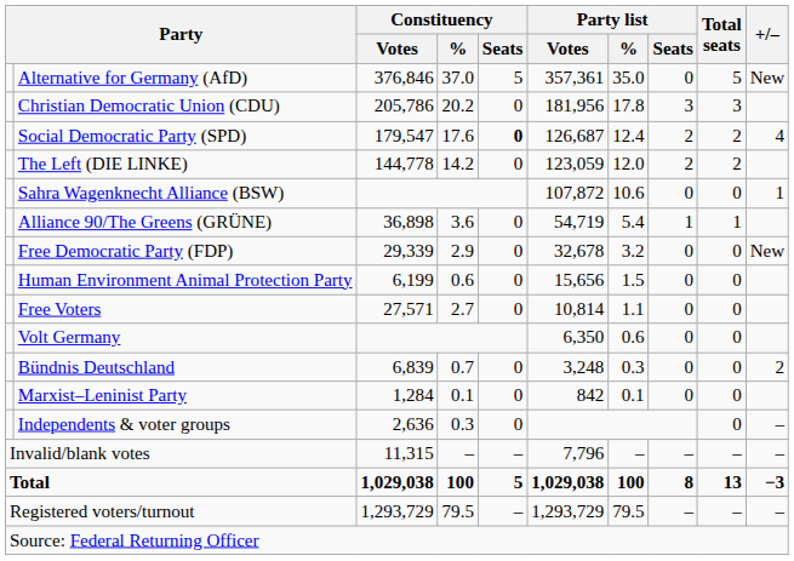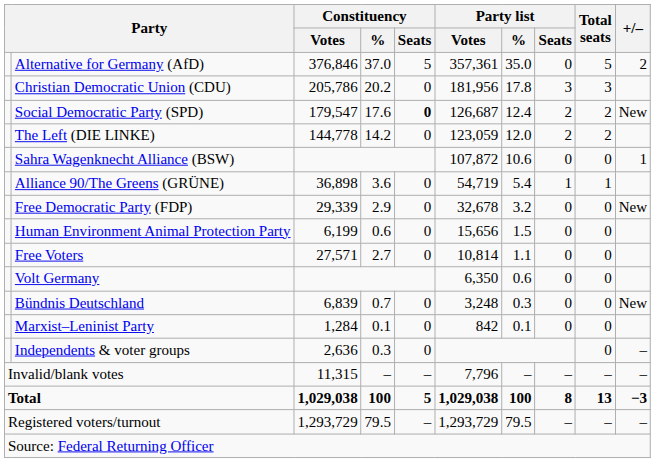 <table class="wikitable" style="text-align:right">
 <tr>
 <th colspan="2" rowspan="2">Party</th>
 <th colspan="3">Constituency</th>
 <th colspan="3">Party list</th>
 <th rowspan="2">Total<br>seats</th>
 <th rowspan="2">+/–</th>
 </tr>
 <tr>
 <th>Votes</th>
 <th>%</th>
 <th>Seats</th>
 <th>Votes</th>
 <th>%</th>
 <th>Seats</th>
 </tr>
 <tr>
 <td></td>
 <td align="left"><a href='#'>Alternative for Germany</a> (AfD)</td>
 <td>376,846</td>
 <td>37.0</td>
 <td>5</td>
 <td>357,361</td>
 <td>35.0</td>
 <td>0</td>
 <td>5</td>
-<td>New</td>
+<td> 2</td>
 </tr>
 <tr>
 <td></td>
 <td align="left"><a href='#'>Christian Democratic Union</a> (CDU)</td>
 <td>205,786</td>
 <td>20.2</td>
 <td>0</td>
 <td>181,956</td>
 <td>17.8</td>
 <td>3</td>
 <td>3</td>
 <td></td>
 </tr>
 <tr>
 <td></td>
 <td align="left"><a href='#'>Social Democratic Party</a> (SPD)</td>
 <td>179,547</td>
 <td>17.6</td>
 <td><strong>0</strong></td>
 <td>126,687</td>
 <td>12.4</td>
 <td>2</td>
 <td>2</td>
-<td> 4</td>
+<td>New</td>
 </tr>
 <tr>
 <td></td>
 <td align="left"><a href='#'>The Left</a> (DIE LINKE)</td>
 <td>144,778</td>
 <td>14.2</td>
 <td>0</td>
 <td>123,059</td>
 <td>12.0</td>
 <td>2</td>
 <td>2</td>
 <td></td>
 </tr>
 <tr>
 <td style="background-color:"></td>
 <td align="left"><a href='#'>Sahra Wagenknecht Alliance</a> (BSW)</td>
 <td colspan="3"></td>
 <td>107,872</td>
 <td>10.6</td>
 <td>0</td>
 <td>0</td>
 <td> 1</td>
 </tr>
 <tr>
 <td></td>
 <td align="left"><a href='#'>Alliance 90/The Greens</a> (GRÜNE)</td>
 <td>36,898</td>
 <td>3.6</td>
 <td>0</td>
 <td>54,719</td>
 <td>5.4</td>
 <td>1</td>
 <td>1</td>
 <td></td>
 </tr>
 <tr>
 <td></td>
 <td align="left"><a href='#'>Free Democratic Party</a> (FDP)</td>
 <td>29,339</td>
 <td>2.9</td>
 <td>0</td>
 <td>32,678</td>
 <td>3.2</td>
 <td>0</td>
 <td>0</td>
 <td>New</td>
 </tr>
 <tr>
 <td style="background-color:"></td>
 <td align="left"><a href='#'>Human Environment Animal Protection Party</a></td>
 <td>6,199</td>
 <td>0.6</td>
 <td>0</td>
 <td>15,656</td>
 <td>1.5</td>
 <td>0</td>
 <td>0</td>
 <td></td>
 </tr>
 <tr>
 <td style="background-color:"></td>
 <td align="left"><a href='#'>Free Voters</a></td>
 <td>27,571</td>
 <td>2.7</td>
 <td>0</td>
 <td>10,814</td>
 <td>1.1</td>
 <td>0</td>
 <td>0</td>
 <td></td>
 </tr>
 <tr>
 <td style="background-color:"></td>
 <td align="left"><a href='#'>Volt Germany</a></td>
 <td colspan="3"></td>
 <td>6,350</td>
 <td>0.6</td>
 <td>0</td>
 <td>0</td>
 <td></td>
 </tr>
 <tr>
 <td style="background-color:"></td>
 <td align="left"><a href='#'>Bündnis Deutschland</a></td>
 <td>6,839</td>
 <td>0.7</td>
 <td>0</td>
 <td>3,248</td>
 <td>0.3</td>
 <td>0</td>
 <td>0</td>
-<td> 2</td>
+<td>New</td>
 </tr>
 <tr>
 <td style="background-color:"></td>
 <td align="left"><a href='#'>Marxist–Leninist Party</a></td>
 <td>1,284</td>
 <td>0.1</td>
 <td>0</td>
 <td>842</td>
 <td>0.1</td>
 <td>0</td>
 <td>0</td>
 <td></td>
 </tr>
 <tr>
 <td style="background-color:"></td>
 <td align="left"><a href='#'>Independents</a> & voter groups</td>
 <td>2,636</td>
 <td>0.3</td>
 <td>0</td>
 <td colspan="3"></td>
 <td>0</td>
 <td>–</td>
 </tr>
 <tr>
 <td colspan="2" align="left">Invalid/blank votes</td>
 <td>11,315</td>
 <td>–</td>
 <td>–</td>
 <td>7,796</td>
 <td>–</td>
 <td>–</td>
 <td>–</td>
 <td>–</td>
 </tr>
 <tr>
 <td colspan="2" align="left"><strong>Total</strong></td>
 <td><strong>1,029,038</strong></td>
 <td><strong>100</strong></td>
 <td><strong>5</strong></td>
 <td><strong>1,029,038</strong></td>
 <td><strong>100</strong></td>
 <td><strong>8</strong></td>
 <td><strong>13</strong></td>
 <td><strong>−3</strong></td>
 </tr>
 <tr>
 <td colspan="2" align="left">Registered voters/turnout</td>
 <td>1,293,729</td>
 <td>79.5</td>
 <td>–</td>
 <td>1,293,729</td>
 <td>79.5</td>
 <td>–</td>
 <td>–</td>
 <td>–</td>
 </tr>
 <tr>
 <td colspan="10" align="left">Source: <a href='#'>Federal Returning Officer</a></td>
 </tr>
 </table>
